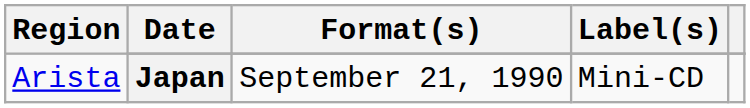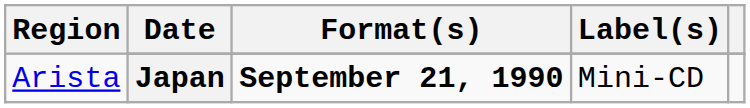 <table class="wikitable plainrowheaders">
 <tr>
 <th scope="col">Region</th>
 <th scope="col">Date</th>
 <th scope="col">Format(s)</th>
 <th scope="col">Label(s)</th>
 <th scope="col"></th>
 </tr>
 <tr>
 <td rowspan="2"><a href='#'>Arista</a></td>
 </tr>
 <tr>
 <th scope="row">Japan</th>
-<td>September 21, 1990</td>
+<td><strong>September 21, 1990</strong></td>
 <td>Mini-CD</td>
 <td></td>
 </tr>
 </table>
